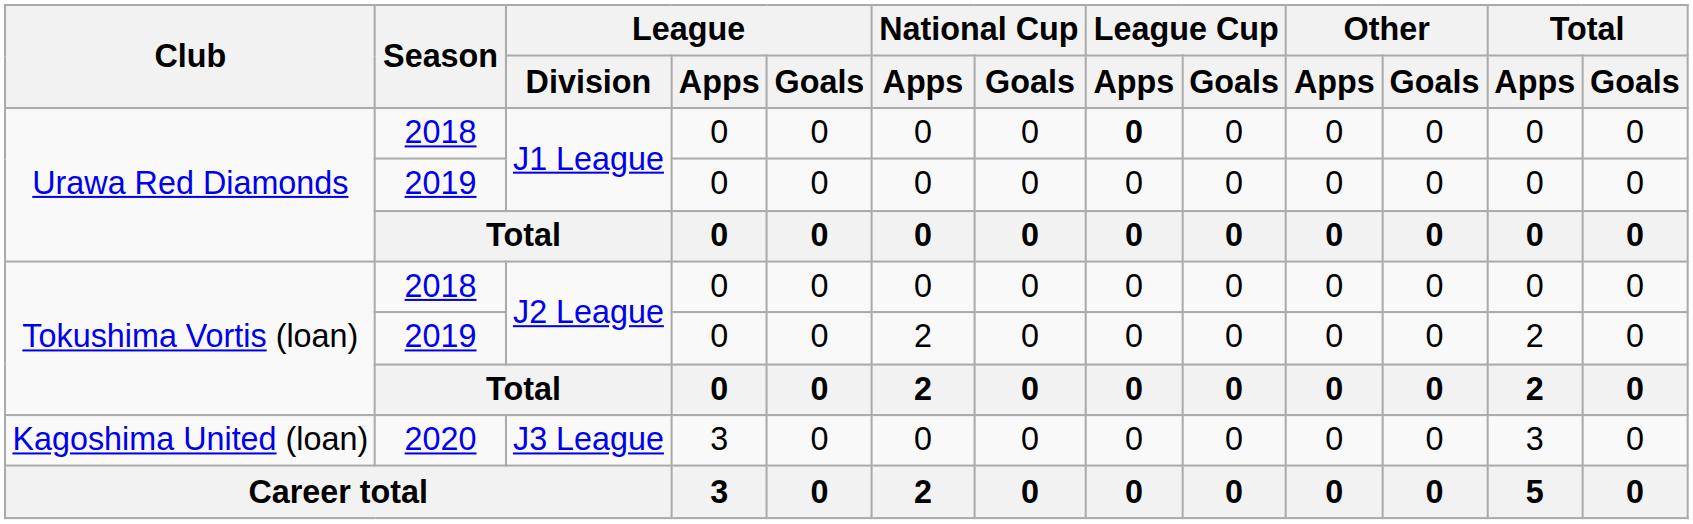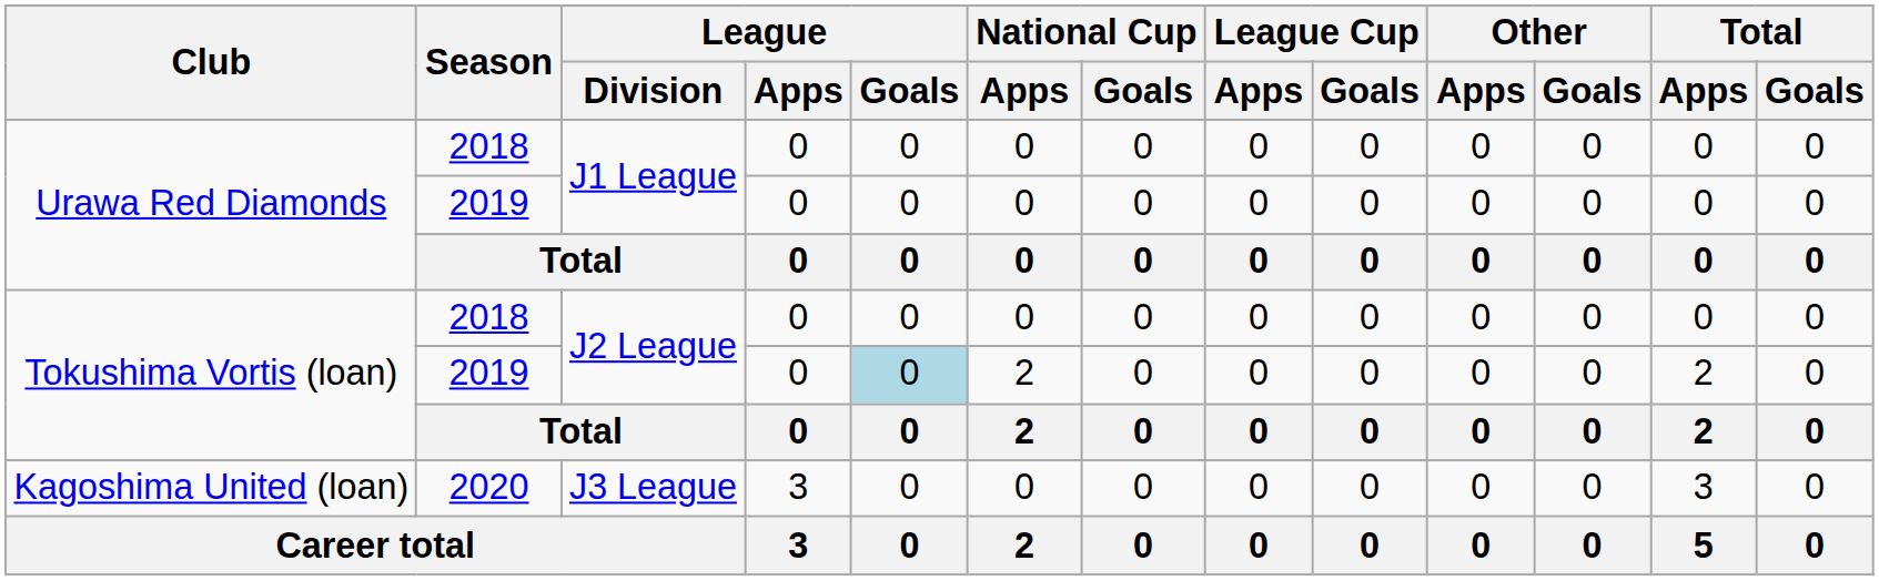 <table class="wikitable" style="text-align: center">
 <tr>
 <th rowspan="2">Club</th>
 <th rowspan="2">Season</th>
 <th colspan="3">League</th>
 <th colspan="2">National Cup</th>
 <th colspan="2">League Cup</th>
 <th colspan="2">Other</th>
 <th colspan="2">Total</th>
 </tr>
 <tr>
 <th>Division</th>
 <th>Apps</th>
 <th>Goals</th>
 <th>Apps</th>
 <th>Goals</th>
 <th>Apps</th>
 <th>Goals</th>
 <th>Apps</th>
 <th>Goals</th>
 <th>Apps</th>
 <th>Goals</th>
 </tr>
 <tr>
 <td rowspan="3"><a href='#'>Urawa Red Diamonds</a></td>
 <td><a href='#'>2018</a></td>
 <td rowspan="2"><a href='#'>J1 League</a></td>
 <td>0</td>
 <td>0</td>
 <td>0</td>
 <td>0</td>
-<td><strong>0</strong></td>
+<td>0</td>
 <td>0</td>
 <td>0</td>
 <td>0</td>
 <td>0</td>
 <td>0</td>
 </tr>
 <tr>
 <td><a href='#'>2019</a></td>
 <td>0</td>
 <td>0</td>
 <td>0</td>
 <td>0</td>
 <td>0</td>
 <td>0</td>
 <td>0</td>
 <td>0</td>
 <td>0</td>
 <td>0</td>
 </tr>
 <tr>
 <th colspan=2>Total</th>
 <th>0</th>
 <th>0</th>
 <th>0</th>
 <th>0</th>
 <th>0</th>
 <th>0</th>
 <th>0</th>
 <th>0</th>
 <th>0</th>
 <th>0</th>
 </tr>
 <tr>
 <td rowspan="3"><a href='#'>Tokushima Vortis</a> (loan)</td>
 <td><a href='#'>2018</a></td>
 <td rowspan="2"><a href='#'>J2 League</a></td>
 <td>0</td>
 <td>0</td>
 <td>0</td>
 <td>0</td>
 <td>0</td>
 <td>0</td>
 <td>0</td>
 <td>0</td>
 <td>0</td>
 <td>0</td>
 </tr>
 <tr>
 <td><a href='#'>2019</a></td>
 <td>0</td>
-<td>0</td>
+<td style="background: lightblue;">0</td>
 <td>2</td>
 <td>0</td>
 <td>0</td>
 <td>0</td>
 <td>0</td>
 <td>0</td>
 <td>2</td>
 <td>0</td>
 </tr>
 <tr>
 <th colspan=2>Total</th>
 <th>0</th>
 <th>0</th>
 <th>2</th>
 <th>0</th>
 <th>0</th>
 <th>0</th>
 <th>0</th>
 <th>0</th>
 <th>2</th>
 <th>0</th>
 </tr>
 <tr>
 <td><a href='#'>Kagoshima United</a> (loan)</td>
 <td><a href='#'>2020</a></td>
 <td><a href='#'>J3 League</a></td>
 <td>3</td>
 <td>0</td>
 <td>0</td>
 <td>0</td>
 <td>0</td>
 <td>0</td>
 <td>0</td>
 <td>0</td>
 <td>3</td>
 <td>0</td>
 </tr>
 <tr>
 <th colspan=3>Career total</th>
 <th>3</th>
 <th>0</th>
 <th>2</th>
 <th>0</th>
 <th>0</th>
 <th>0</th>
 <th>0</th>
 <th>0</th>
 <th>5</th>
 <th>0</th>
 </tr>
 </table>
